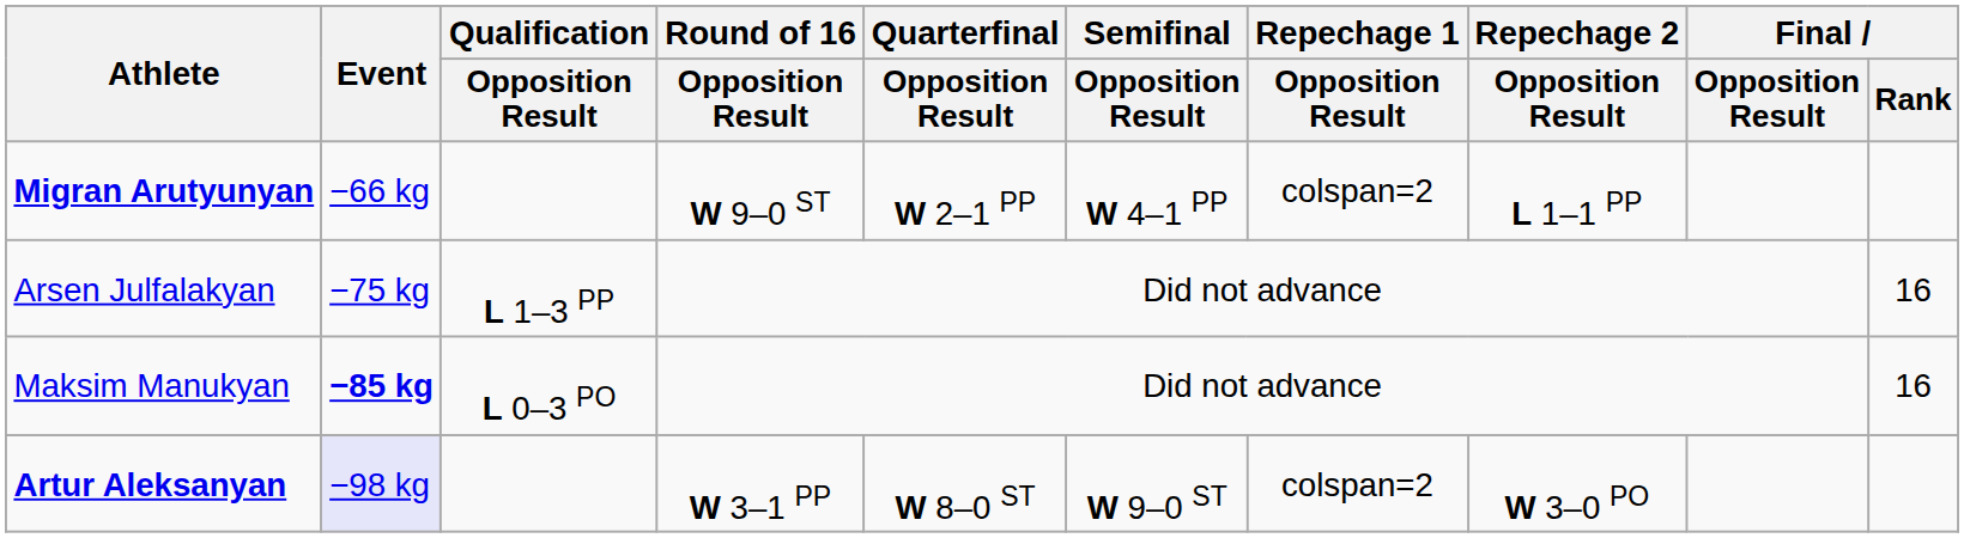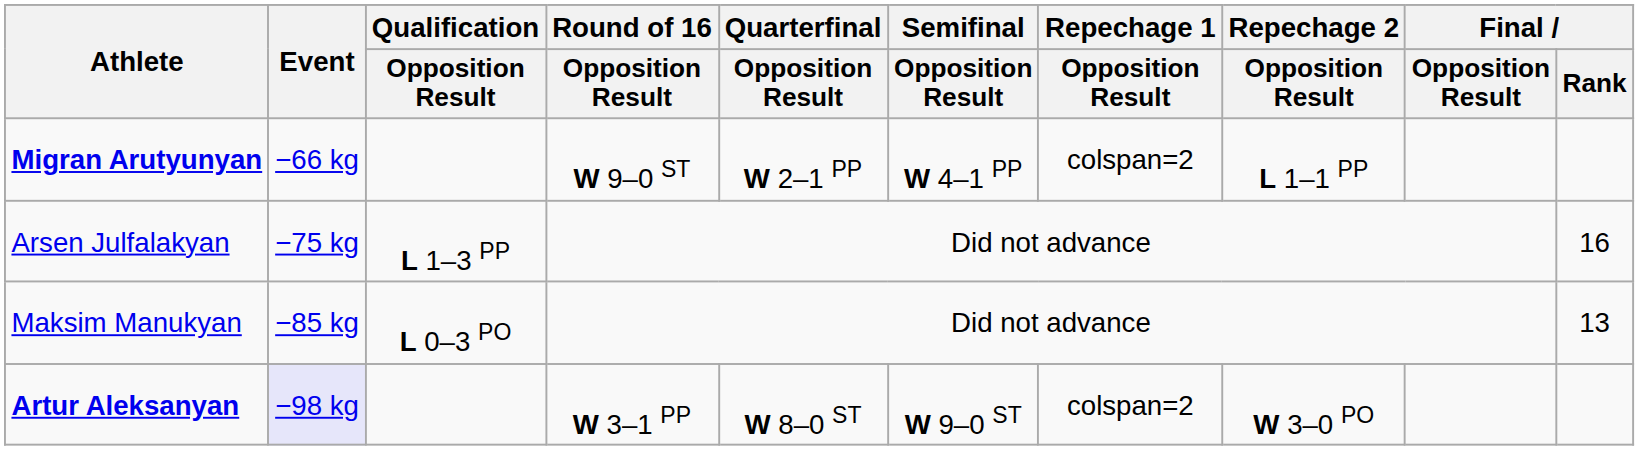 <table class="wikitable" style="font-size:90%">
 <tr>
 <th rowspan=2>Athlete</th>
 <th rowspan=2>Event</th>
 <th>Qualification</th>
 <th>Round of 16</th>
 <th>Quarterfinal</th>
 <th>Semifinal</th>
 <th>Repechage 1</th>
 <th>Repechage 2</th>
 <th colspan=2>Final / </th>
 </tr>
 <tr style="font-size: 95%">
 <th>Opposition<br>Result</th>
 <th>Opposition<br>Result</th>
 <th>Opposition<br>Result</th>
 <th>Opposition<br>Result</th>
 <th>Opposition<br>Result</th>
 <th>Opposition<br>Result</th>
 <th>Opposition<br>Result</th>
 <th>Rank</th>
 </tr>
 <tr align=center>
 <td align=left><strong><a href='#'>Migran Arutyunyan</a></strong></td>
 <td align=left><a href='#'>−66 kg</a></td>
 <td></td>
 <td><br><strong>W</strong> 9–0 <sup>ST</sup></td>
 <td><br><strong>W</strong> 2–1 <sup>PP</sup></td>
 <td><br><strong>W</strong> 4–1 <sup>PP</sup></td>
 <td>colspan=2 </td>
 <td><br><strong>L</strong> 1–1 <sup>PP</sup></td>
 <td></td>
 </tr>
 <tr align=center>
 <td align=left><a href='#'>Arsen Julfalakyan</a></td>
 <td align=left><a href='#'>−75 kg</a></td>
 <td><br><strong>L</strong> 1–3 <sup>PP</sup></td>
 <td colspan=6>Did not advance</td>
 <td>16</td>
 </tr>
 <tr align=center>
 <td align=left><a href='#'>Maksim Manukyan</a></td>
-<td align=left><strong><a href='#'>−85 kg</a></strong></td>
+<td align=left><a href='#'>−85 kg</a></td>
 <td><br><strong>L</strong> 0–3 <sup>PO</sup></td>
 <td colspan=6>Did not advance</td>
-<td>16</td>
+<td>13</td>
 </tr>
 <tr align=center>
 <td align=left><strong><a href='#'>Artur Aleksanyan</a></strong></td>
 <td align=left style="background: lavender;"><a href='#'>−98 kg</a></td>
 <td></td>
 <td><br><strong>W</strong> 3–1 <sup>PP</sup></td>
 <td><br><strong>W</strong> 8–0 <sup>ST</sup></td>
 <td><br><strong>W</strong> 9–0 <sup>ST</sup></td>
 <td>colspan=2 </td>
 <td><br><strong>W</strong> 3–0 <sup>PO</sup></td>
 <td></td>
 </tr>
 </table>
